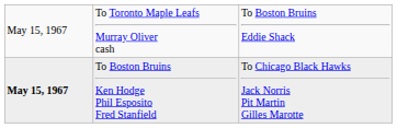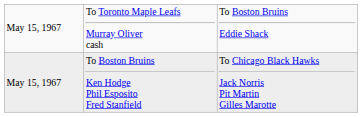 <table class="wikitable" style="border:1px solid #999; width:580px;">
 <tr>
 <td>May 15, 1967</td>
 <td valign="top">To <a href='#'>Toronto Maple Leafs</a><hr><a href='#'>Murray Oliver</a><br>cash</td>
 <td valign="top">To <a href='#'>Boston Bruins</a><hr><a href='#'>Eddie Shack</a></td>
 </tr>
 <tr style="background:#eee;">
-<td><strong>May 15, 1967</strong></td>
+<td>May 15, 1967</td>
 <td valign="top">To <a href='#'>Boston Bruins</a><hr><a href='#'>Ken Hodge</a><br><a href='#'>Phil Esposito</a><br><a href='#'>Fred Stanfield</a></td>
 <td valign="top">To <a href='#'>Chicago Black Hawks</a><hr><a href='#'>Jack Norris</a><br><a href='#'>Pit Martin</a><br><a href='#'>Gilles Marotte</a></td>
 </tr>
 </table>
